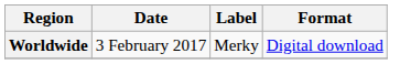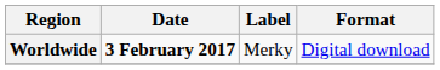 <table class="wikitable plainrowheaders">
 <tr>
 <th scope="col">Region</th>
 <th scope="col">Date</th>
 <th scope="col">Label</th>
 <th scope="col">Format</th>
 </tr>
 <tr>
 <th scope="row">Worldwide</th>
-<td>3 February 2017</td>
+<td><strong>3 February 2017</strong></td>
 <td>Merky</td>
 <td><a href='#'>Digital download</a></td>
 </tr>
 <tr>
 </tr>
 </table>
